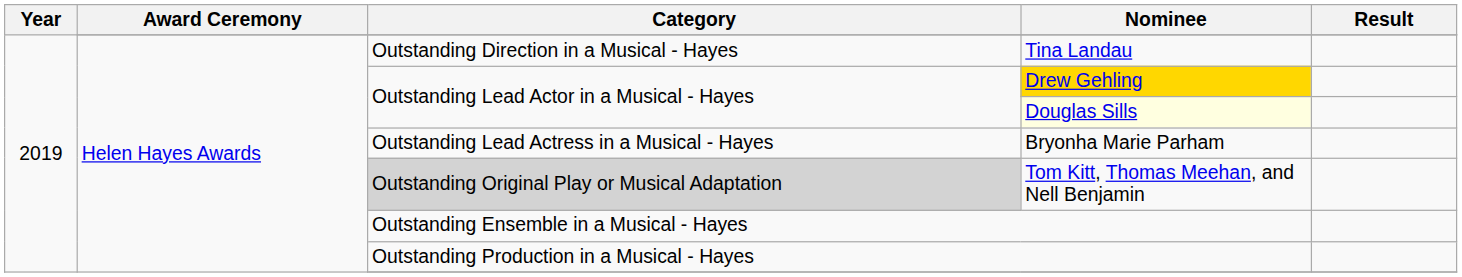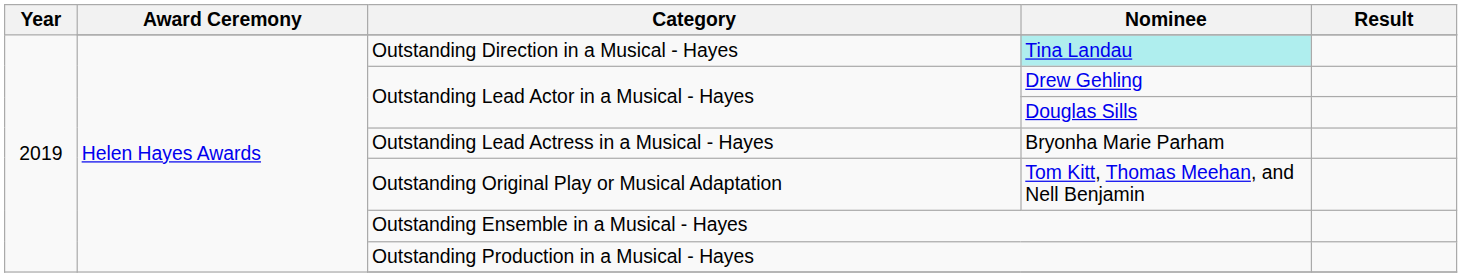 <table class="wikitable" width="95%">
 <tr>
 <th width="5%">Year</th>
 <th width="20%">Award Ceremony</th>
 <th width="45%">Category</th>
 <th width="20%">Nominee</th>
 <th width="10%">Result</th>
 </tr>
 <tr>
 <td rowspan="9" align="center">2019</td>
 </tr>
 <tr>
 <td rowspan="9"><a href='#'>Helen Hayes Awards</a><br></td>
 <td>Outstanding Direction in a Musical - Hayes</td>
-<td><a href='#'>Tina Landau</a></td>
+<td style="background: paleturquoise;"><a href='#'>Tina Landau</a></td>
 <td></td>
 </tr>
 <tr>
 <td rowspan="2">Outstanding Lead Actor in a Musical - Hayes</td>
-<td rowspan="1" style="background: gold;"><a href='#'>Drew Gehling</a></td>
+<td rowspan="1"><a href='#'>Drew Gehling</a></td>
 <td></td>
 </tr>
 <tr>
-<td rowspan="1" style="background: lightyellow;"><a href='#'>Douglas Sills</a></td>
+<td rowspan="1"><a href='#'>Douglas Sills</a></td>
 <td></td>
 </tr>
 <tr>
 <td>Outstanding Lead Actress in a Musical - Hayes</td>
 <td>Bryonha Marie Parham</td>
 <td></td>
 </tr>
 <tr>
-<td style="background: lightgrey;">Outstanding Original Play or Musical Adaptation</td>
+<td>Outstanding Original Play or Musical Adaptation</td>
 <td><a href='#'>Tom Kitt</a>, <a href='#'>Thomas Meehan</a>, and Nell Benjamin</td>
 <td></td>
 </tr>
 <tr>
 <td rowspan="1" colspan="2">Outstanding Ensemble in a Musical - Hayes</td>
 <td></td>
 </tr>
 <tr>
 <td rowspan="1" colspan="2">Outstanding Production in a Musical - Hayes</td>
 <td></td>
 </tr>
 <tr>
 </tr>
 </table>
